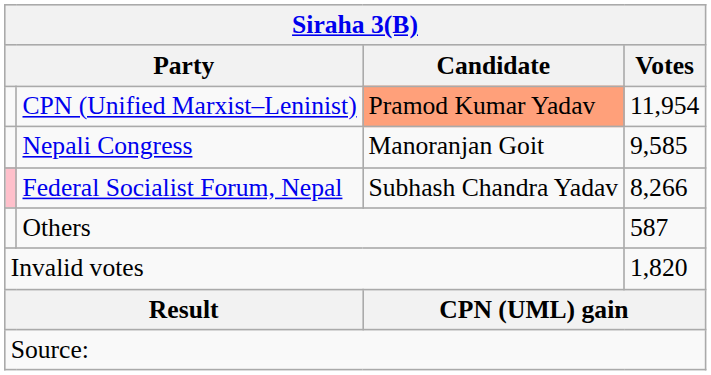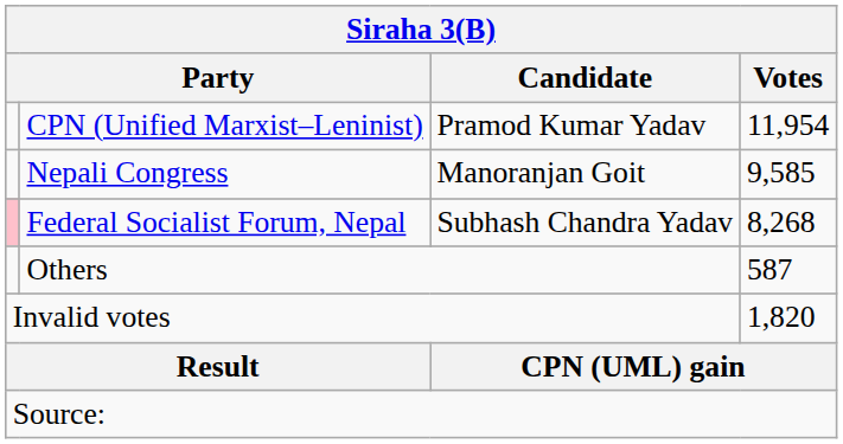 <table class="wikitable">
 <tr>
 <th colspan="4"><a href='#'>Siraha 3(B)</a></th>
 </tr>
 <tr>
 <th colspan="2">Party</th>
 <th>Candidate</th>
 <th>Votes</th>
 </tr>
 <tr>
 <td style="background-color:"></td>
 <td><a href='#'>CPN (Unified Marxist–Leninist)</a></td>
-<td style="background: lightsalmon;">Pramod Kumar Yadav</td>
+<td>Pramod Kumar Yadav</td>
 <td>11,954</td>
 </tr>
 <tr>
 <td style="background-color:"></td>
 <td><a href='#'>Nepali Congress</a></td>
 <td>Manoranjan Goit</td>
 <td>9,585</td>
 </tr>
 <tr>
 <td style="background-color:pink"></td>
 <td><a href='#'>Federal Socialist Forum, Nepal</a></td>
 <td>Subhash Chandra Yadav</td>
-<td>8,266</td>
+<td>8,268</td>
 </tr>
 <tr>
 <td></td>
 <td colspan="2">Others</td>
 <td>587</td>
 </tr>
 <tr>
 <td colspan="3">Invalid votes</td>
 <td>1,820</td>
 </tr>
 <tr>
 <th colspan="2">Result</th>
 <th colspan="2">CPN (UML) gain</th>
 </tr>
 <tr>
 <td colspan="4">Source: </td>
 </tr>
 </table>
